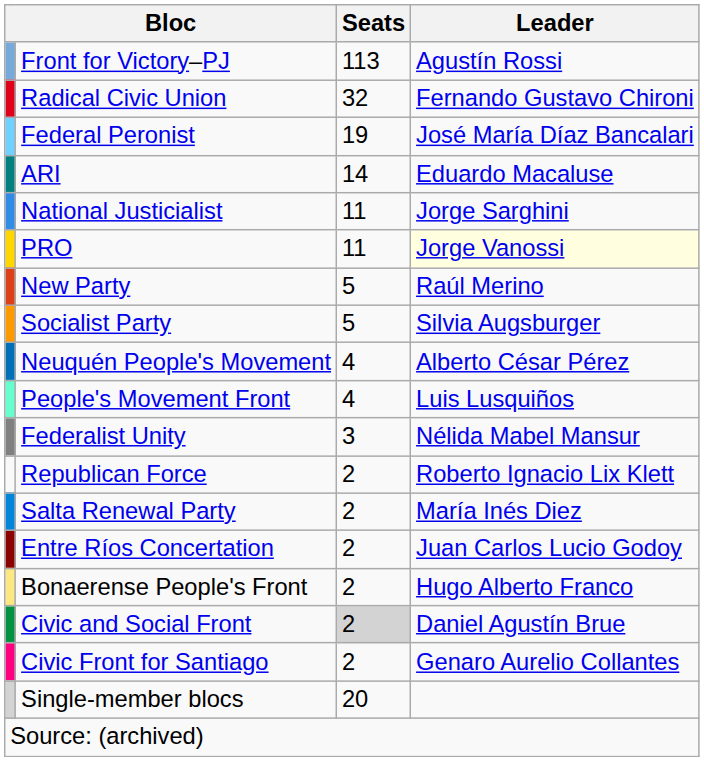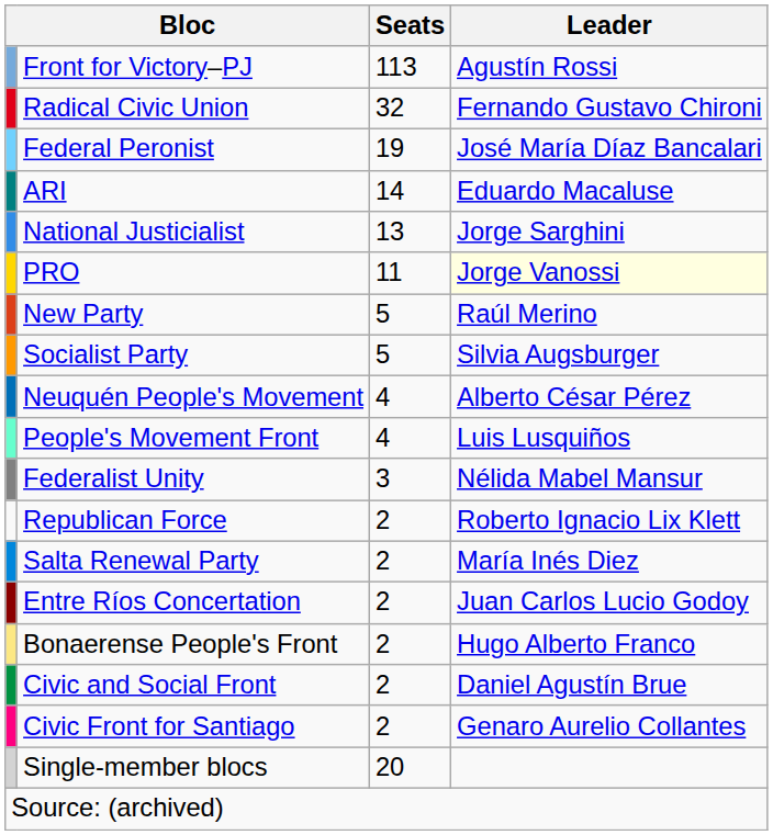 <table class="wikitable">
 <tr>
 <th colspan="2">Bloc</th>
 <th>Seats</th>
 <th>Leader</th>
 </tr>
 <tr>
 <td bgcolor="#75AADB"></td>
 <td><a href='#'>Front for Victory</a>–<a href='#'>PJ</a></td>
 <td>113</td>
 <td><a href='#'>Agustín Rossi</a></td>
 </tr>
 <tr>
 <td bgcolor="#E10019"></td>
 <td><a href='#'>Radical Civic Union</a></td>
 <td>32</td>
 <td><a href='#'>Fernando Gustavo Chironi</a></td>
 </tr>
 <tr>
 <td bgcolor="#70d1fe"></td>
 <td><a href='#'>Federal Peronist</a></td>
 <td>19</td>
 <td><a href='#'>José María Díaz Bancalari</a></td>
 </tr>
 <tr>
 <td bgcolor="#008080 "></td>
 <td><a href='#'>ARI</a></td>
 <td>14</td>
 <td><a href='#'>Eduardo Macaluse</a></td>
 </tr>
 <tr>
 <td bgcolor="#318CE7"></td>
 <td><a href='#'>National Justicialist</a></td>
-<td>11</td>
+<td>13</td>
 <td><a href='#'>Jorge Sarghini</a></td>
 </tr>
 <tr>
 <td bgcolor="#ffd700"></td>
 <td><a href='#'>PRO</a></td>
 <td>11</td>
 <td style="background: lightyellow;"><a href='#'>Jorge Vanossi</a></td>
 </tr>
 <tr>
 <td bgcolor="#dd3f18"></td>
 <td><a href='#'>New Party</a></td>
 <td>5</td>
 <td><a href='#'>Raúl Merino</a></td>
 </tr>
 <tr>
 <td bgcolor="#FF9900"></td>
 <td><a href='#'>Socialist Party</a></td>
 <td>5</td>
 <td><a href='#'>Silvia Augsburger</a></td>
 </tr>
 <tr>
 <td bgcolor="#0070b8"></td>
 <td><a href='#'>Neuquén People's Movement</a></td>
 <td>4</td>
 <td><a href='#'>Alberto César Pérez</a></td>
 </tr>
 <tr>
 <td bgcolor="#66ffcd"></td>
 <td><a href='#'>People's Movement Front</a></td>
 <td>4</td>
 <td><a href='#'>Luis Lusquiños</a></td>
 </tr>
 <tr>
 <td bgcolor="#808080"></td>
 <td><a href='#'>Federalist Unity</a></td>
 <td>3</td>
 <td><a href='#'>Nélida Mabel Mansur</a></td>
 </tr>
 <tr>
 <td bgcolor=></td>
 <td><a href='#'>Republican Force</a></td>
 <td>2</td>
 <td><a href='#'>Roberto Ignacio Lix Klett</a></td>
 </tr>
 <tr>
 <td bgcolor=#0087DC></td>
 <td><a href='#'>Salta Renewal Party</a></td>
 <td>2</td>
 <td><a href='#'>María Inés Diez</a></td>
 </tr>
 <tr>
 <td bgcolor="darkred"></td>
 <td><a href='#'>Entre Ríos Concertation</a></td>
 <td>2</td>
 <td><a href='#'>Juan Carlos Lucio Godoy</a></td>
 </tr>
 <tr>
 <td bgcolor=#FCE883></td>
 <td>Bonaerense People's Front</td>
 <td>2</td>
 <td><a href='#'>Hugo Alberto Franco</a></td>
 </tr>
 <tr>
 <td bgcolor=#009241></td>
 <td><a href='#'>Civic and Social Front</a></td>
-<td style="background: lightgrey;">2</td>
+<td>2</td>
 <td><a href='#'>Daniel Agustín Brue</a></td>
 </tr>
 <tr>
 <td bgcolor="#FF0080"></td>
 <td><a href='#'>Civic Front for Santiago</a></td>
 <td>2</td>
 <td><a href='#'>Genaro Aurelio Collantes</a></td>
 </tr>
 <tr>
 <td bgcolor="#D3D3D3"></td>
 <td>Single-member blocs</td>
 <td>20</td>
 <td></td>
 </tr>
 <tr>
 <td colspan=4>Source:  (archived)</td>
 </tr>
 </table>
